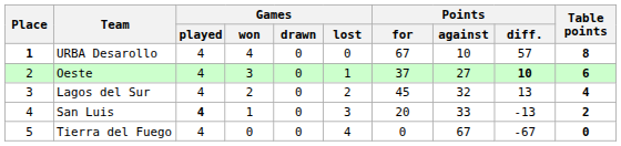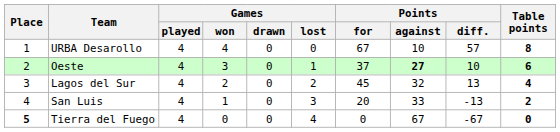 <table class="wikitable">
 <tr>
 <th rowspan=2 width="8%">Place</th>
 <th rowspan=2 width="20%">Team</th>
 <th colspan=4 width="32%">Games</th>
 <th colspan=3 width="30%">Points</th>
 <th rowspan=2 width="10%">Table<br>points</th>
 </tr>
 <tr>
 <th width="8%">played</th>
 <th width="8%">won</th>
 <th width="8%">drawn</th>
 <th width="8%">lost</th>
 <th width="10%">for</th>
 <th width="10%">against</th>
 <th width="10%">diff.</th>
 </tr>
 <tr align=center style="background: #ffffff;">
-<td><strong>1</strong></td>
+<td>1</td>
 <td align=left>URBA Desarollo</td>
 <td>4</td>
 <td>4</td>
 <td>0</td>
 <td>0</td>
 <td>67</td>
 <td>10</td>
 <td>57</td>
 <td><strong>8</strong></td>
 </tr>
 <tr align=center style="background: #ccffcc;">
 <td>2</td>
 <td align=left>Oeste</td>
 <td>4</td>
 <td>3</td>
 <td>0</td>
 <td>1</td>
 <td>37</td>
-<td>27</td>
-<td><strong>10</strong></td>
+<td><strong>27</strong></td>
+<td>10</td>
 <td><strong>6</strong></td>
 </tr>
 <tr align=center style="background: #ffffff;">
 <td>3</td>
 <td align=left>Lagos del Sur</td>
 <td>4</td>
 <td>2</td>
 <td>0</td>
 <td>2</td>
 <td>45</td>
 <td>32</td>
 <td>13</td>
 <td><strong>4</strong></td>
 </tr>
 <tr align=center style="background: #ffffff;">
 <td>4</td>
 <td align=left>San Luis</td>
-<td><strong>4</strong></td>
+<td>4</td>
 <td>1</td>
 <td>0</td>
 <td>3</td>
 <td>20</td>
 <td>33</td>
 <td>-13</td>
 <td><strong>2</strong></td>
 </tr>
 <tr align=center style="background: #ffffff;">
-<td>5</td>
+<td><strong>5</strong></td>
 <td align=left>Tierra del Fuego</td>
 <td>4</td>
 <td>0</td>
 <td>0</td>
 <td>4</td>
 <td>0</td>
 <td>67</td>
 <td>-67</td>
 <td><strong>0</strong></td>
 </tr>
 </table>
